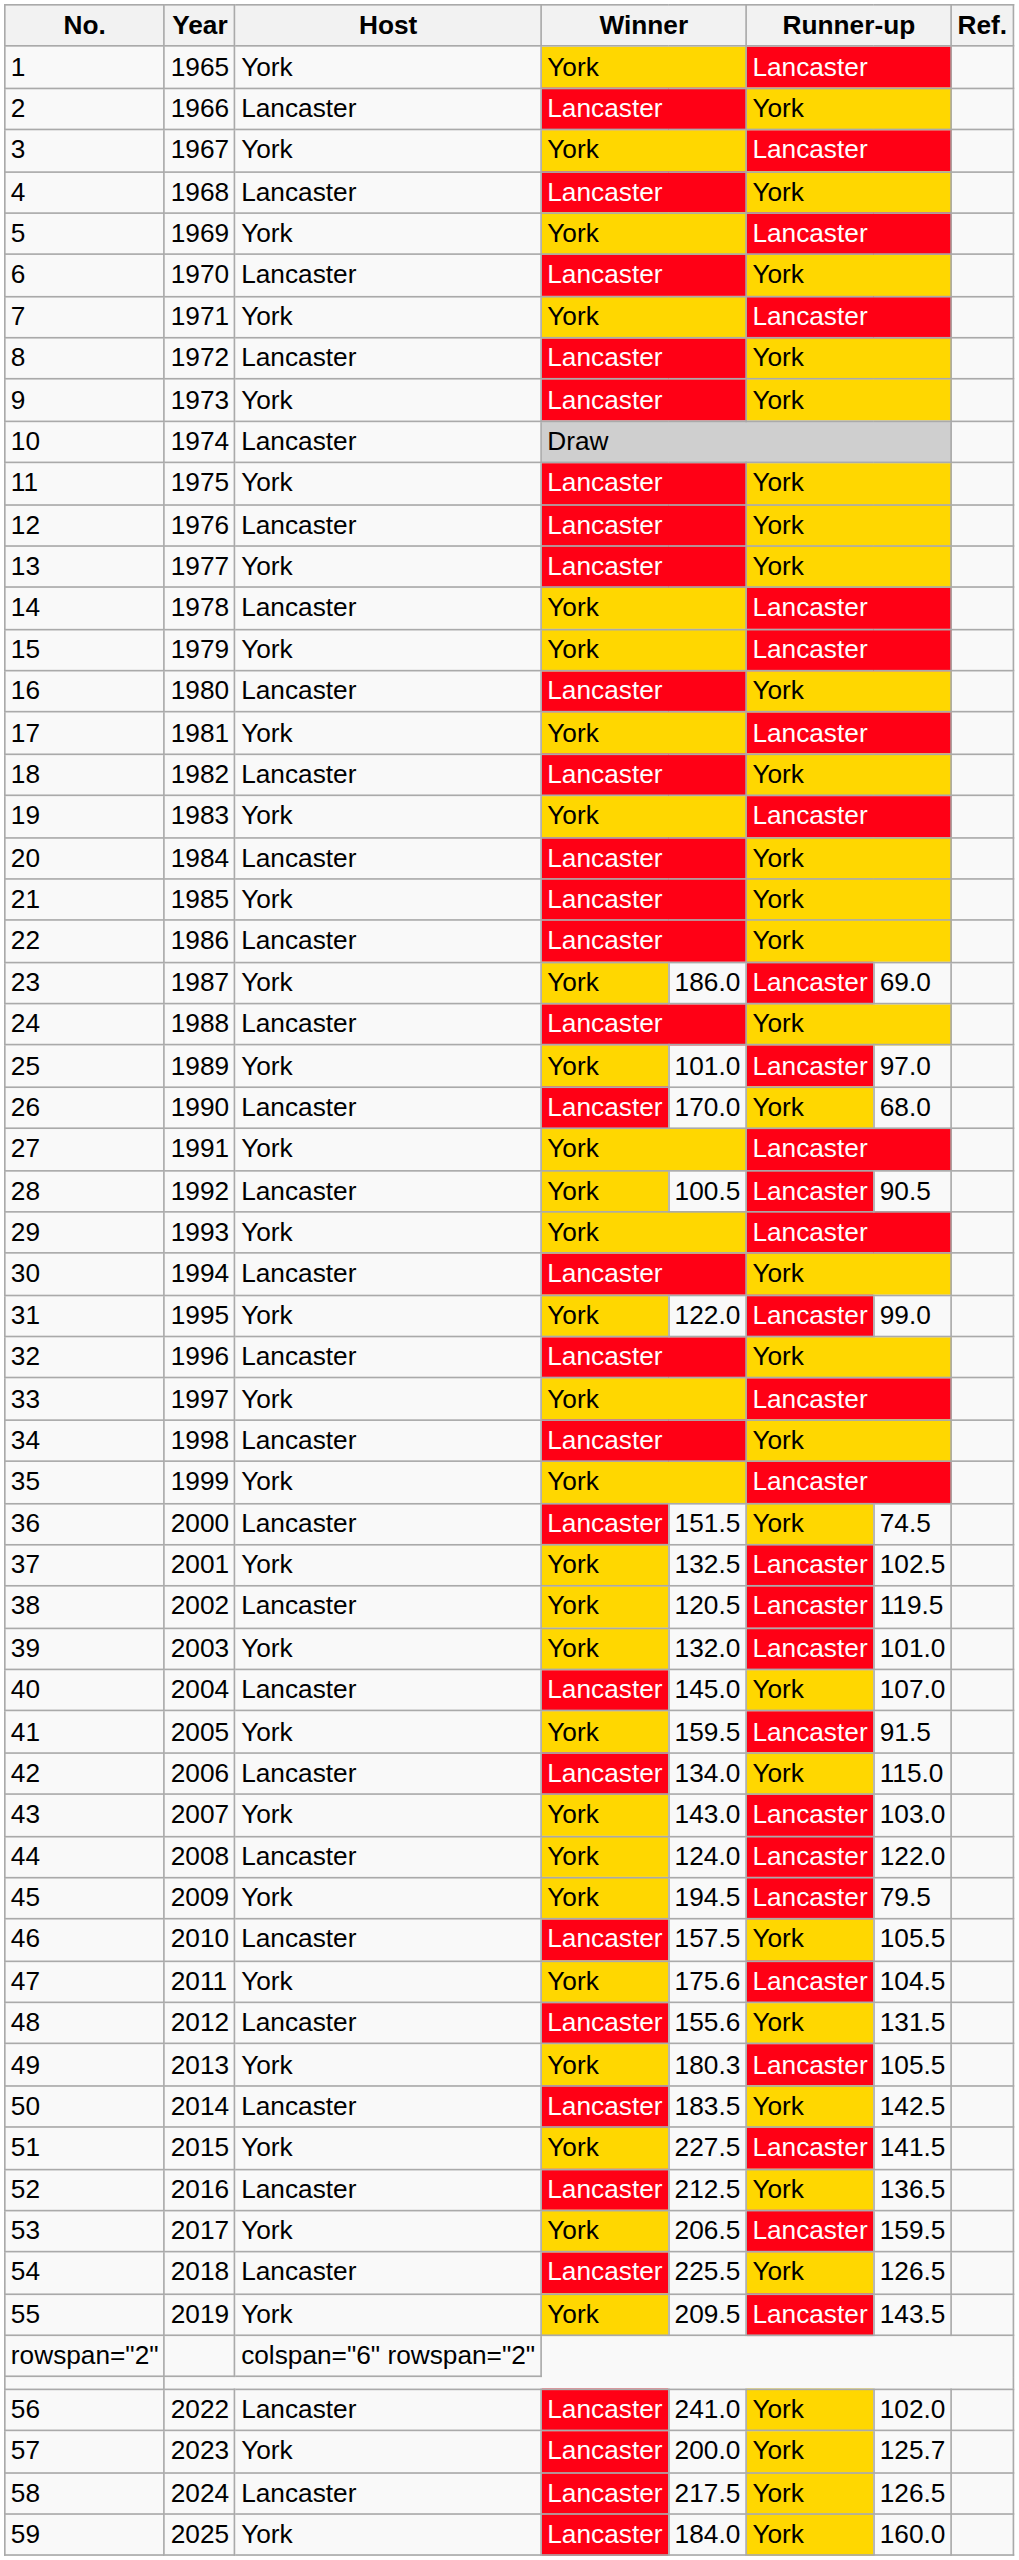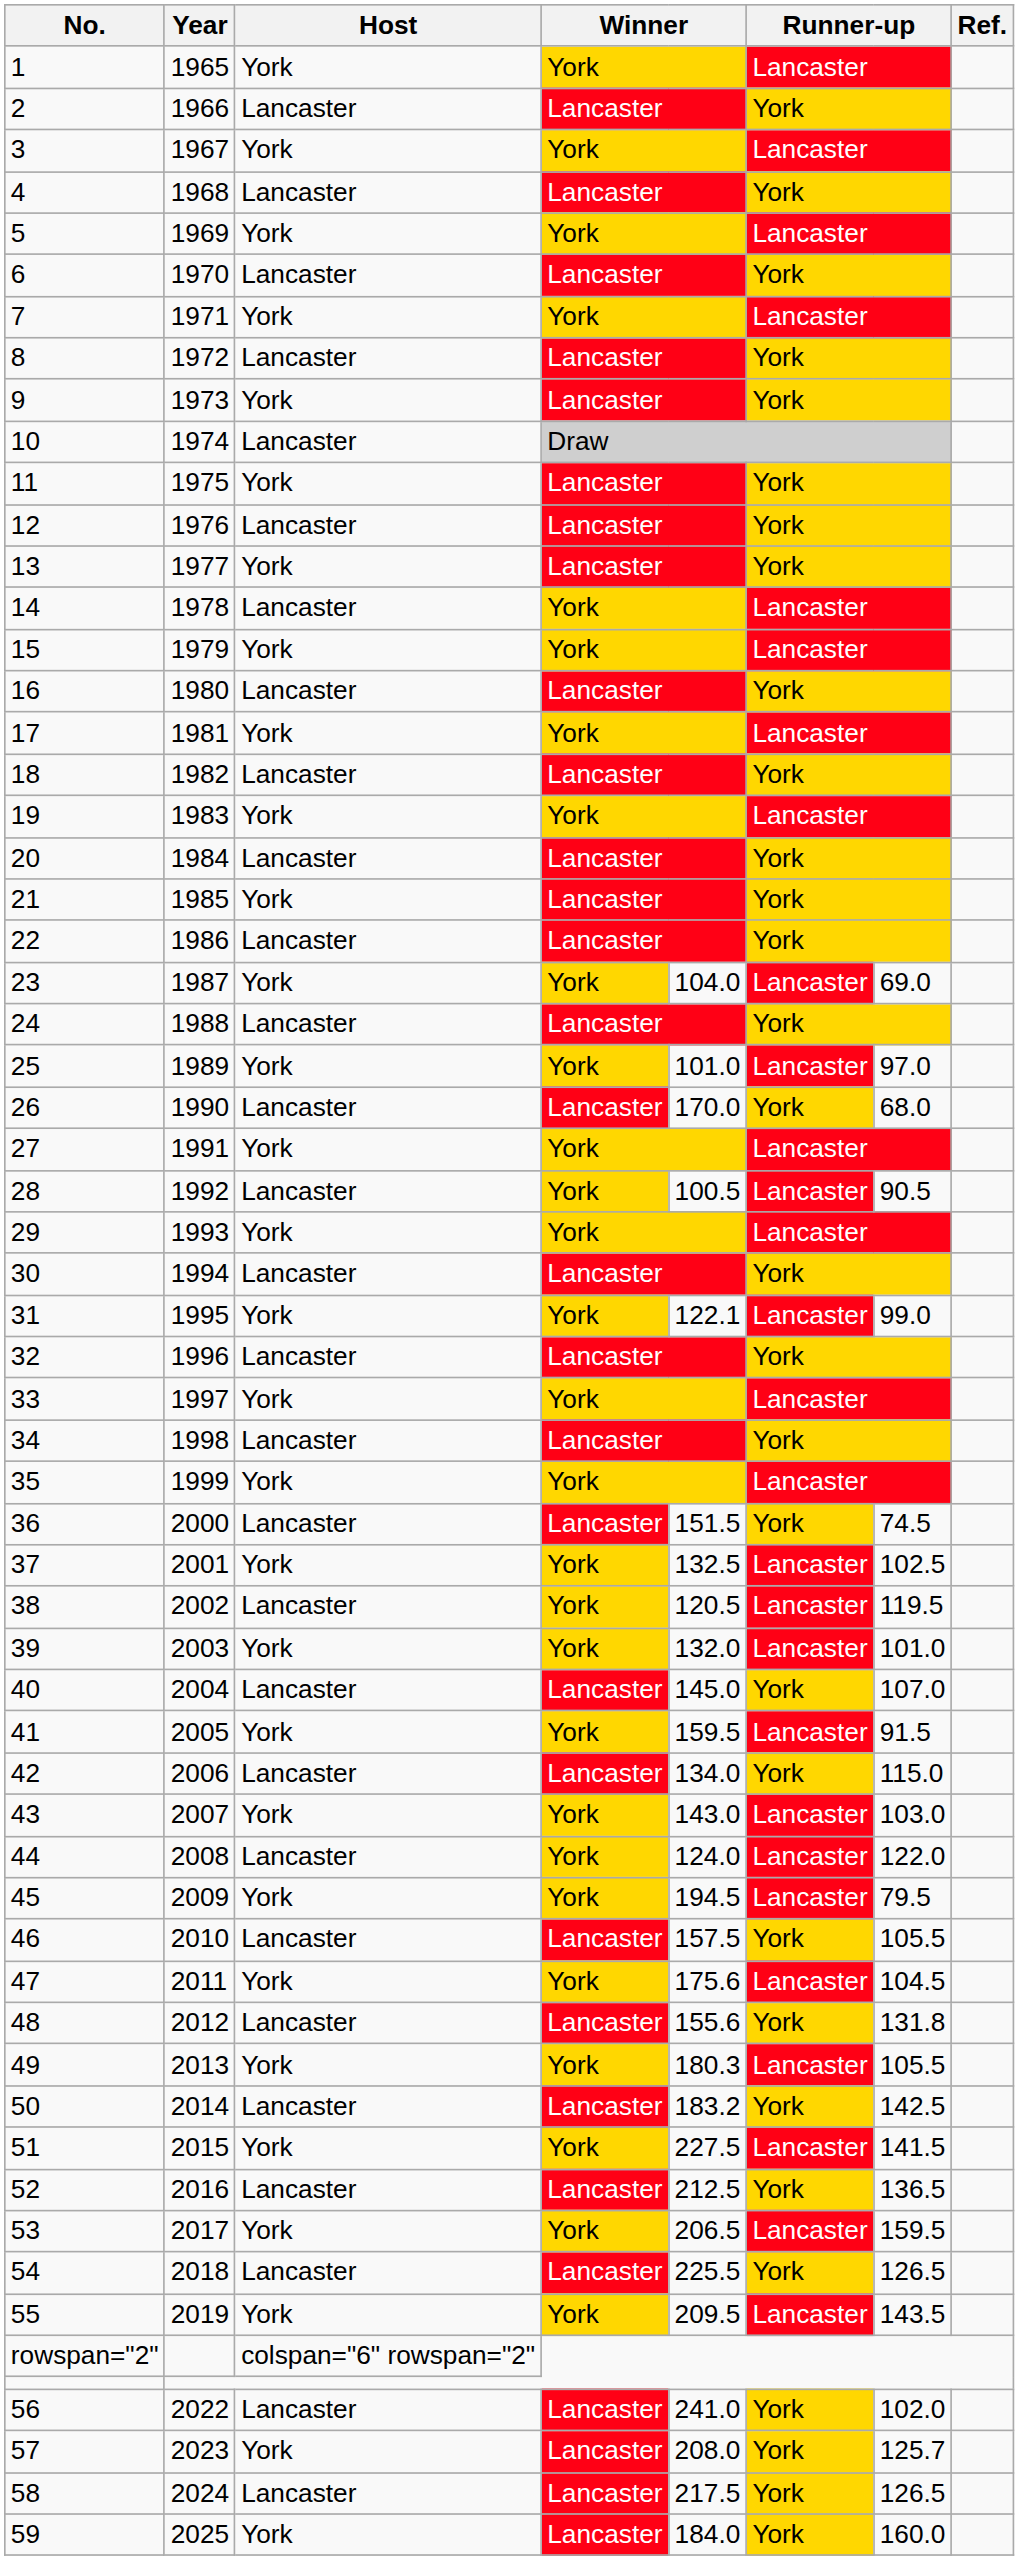 <table class = wikitable>
 <tr>
 <th>No.</th>
 <th>Year</th>
 <th>Host</th>
 <th colspan=2>Winner</th>
 <th colspan=2>Runner-up</th>
 <th>Ref.</th>
 </tr>
 <tr>
 <td>1</td>
 <td>1965</td>
 <td>York</td>
 <td style="background: #FFD700; color: #000000;" colspan=2>York</td>
 <td style="background: #FF0015; color: #FFFFFF;;"colspan=2>Lancaster</td>
 <td></td>
 </tr>
 <tr>
 <td>2</td>
 <td>1966</td>
 <td>Lancaster</td>
 <td style="background: #FF0015; color: #FFFFFF;"colspan=2>Lancaster</td>
 <td style="background: #FFD700; color: #000000;" colspan=2>York</td>
 <td></td>
 </tr>
 <tr>
 <td>3</td>
 <td>1967</td>
 <td>York</td>
 <td style="background: #FFD700; color: #000000;"colspan=2>York</td>
 <td style="background: #FF0015; color: #FFFFFF;;"colspan=2>Lancaster</td>
 <td></td>
 </tr>
 <tr>
 <td>4</td>
 <td>1968</td>
 <td>Lancaster</td>
 <td style="background: #FF0015; color: #FFFFFF;"colspan=2>Lancaster</td>
 <td style="background: #FFD700; color: #000000;" colspan=2>York</td>
 <td></td>
 </tr>
 <tr>
 <td>5</td>
 <td>1969</td>
 <td>York</td>
 <td style="background: #FFD700; color: #000000;"colspan=2>York</td>
 <td style="background: #FF0015; color: #FFFFFF;;"colspan=2>Lancaster</td>
 <td></td>
 </tr>
 <tr>
 <td>6</td>
 <td>1970</td>
 <td>Lancaster</td>
 <td style="background: #FF0015; color: #FFFFFF;"colspan=2>Lancaster</td>
 <td style="background: #FFD700; color: #000000;" colspan=2>York</td>
 <td></td>
 </tr>
 <tr>
 <td>7</td>
 <td>1971</td>
 <td>York</td>
 <td style="background: #FFD700; color: #000000;"colspan=2>York</td>
 <td style="background: #FF0015; color: #FFFFFF;;"colspan=2>Lancaster</td>
 <td></td>
 </tr>
 <tr>
 <td>8</td>
 <td>1972</td>
 <td>Lancaster</td>
 <td style="background: #FF0015; color: #FFFFFF;"colspan=2>Lancaster</td>
 <td style="background: #FFD700; color: #000000;" colspan=2>York</td>
 <td></td>
 </tr>
 <tr>
 <td>9</td>
 <td>1973</td>
 <td>York</td>
 <td style="background: #FF0015; color: #FFFFFF;"colspan=2>Lancaster</td>
 <td style="background: #FFD700; color: #000000;" colspan=2>York</td>
 <td></td>
 </tr>
 <tr>
 <td>10</td>
 <td>1974</td>
 <td>Lancaster</td>
 <td style="background: #cfcfcf; color: #000000;" colspan=4>Draw</td>
 <td></td>
 </tr>
 <tr>
 <td>11</td>
 <td>1975</td>
 <td>York</td>
 <td style="background: #FF0015; color: #FFFFFF;"colspan=2>Lancaster</td>
 <td style="background: #FFD700; color: #000000;" colspan=2>York</td>
 <td></td>
 </tr>
 <tr>
 <td>12</td>
 <td>1976</td>
 <td>Lancaster</td>
 <td style="background: #FF0015; color: #FFFFFF;"colspan=2>Lancaster</td>
 <td style="background: #FFD700; color: #000000;" colspan=2>York</td>
 <td></td>
 </tr>
 <tr>
 <td>13</td>
 <td>1977</td>
 <td>York</td>
 <td style="background: #FF0015; color: #FFFFFF;"colspan=2>Lancaster</td>
 <td style="background: #FFD700; color: #000000;" colspan=2>York</td>
 <td></td>
 </tr>
 <tr>
 <td>14</td>
 <td>1978</td>
 <td>Lancaster</td>
 <td style="background: #FFD700; color: #000000;"colspan=2>York</td>
 <td style="background: #FF0015; color: #FFFFFF;;"colspan=2>Lancaster</td>
 <td></td>
 </tr>
 <tr>
 <td>15</td>
 <td>1979</td>
 <td>York</td>
 <td style="background: #FFD700; color: #000000;"colspan=2>York</td>
 <td style="background: #FF0015; color: #FFFFFF;;"colspan=2>Lancaster</td>
 <td></td>
 </tr>
 <tr>
 <td>16</td>
 <td>1980</td>
 <td>Lancaster</td>
 <td style="background: #FF0015; color: #FFFFFF;"colspan=2>Lancaster</td>
 <td style="background: #FFD700; color: #000000;" colspan=2>York</td>
 <td></td>
 </tr>
 <tr>
 <td>17</td>
 <td>1981</td>
 <td>York</td>
 <td style="background: #FFD700; color: #000000;"colspan=2>York</td>
 <td style="background: #FF0015; color: #FFFFFF;;"colspan=2>Lancaster</td>
 <td></td>
 </tr>
 <tr>
 <td>18</td>
 <td>1982</td>
 <td>Lancaster</td>
 <td style="background: #FF0015; color: #FFFFFF;"colspan=2>Lancaster</td>
 <td style="background: #FFD700; color: #000000;" colspan=2>York</td>
 <td></td>
 </tr>
 <tr>
 <td>19</td>
 <td>1983</td>
 <td>York</td>
 <td style="background: #FFD700; color: #000000;"colspan=2>York</td>
 <td style="background: #FF0015; color: #FFFFFF;;"colspan=2>Lancaster</td>
 <td></td>
 </tr>
 <tr>
 <td>20</td>
 <td>1984</td>
 <td>Lancaster</td>
 <td style="background: #FF0015; color: #FFFFFF;"colspan=2>Lancaster</td>
 <td style="background: #FFD700; color: #000000;" colspan=2>York</td>
 <td></td>
 </tr>
 <tr>
 <td>21</td>
 <td>1985</td>
 <td>York</td>
 <td style="background: #FF0015; color: #FFFFFF;"colspan=2>Lancaster</td>
 <td style="background: #FFD700; color: #000000;" colspan=2>York</td>
 <td></td>
 </tr>
 <tr>
 <td>22</td>
 <td>1986</td>
 <td>Lancaster</td>
 <td style="background: #FF0015; color: #FFFFFF;"colspan=2>Lancaster</td>
 <td style="background: #FFD700; color: #000000;" colspan=2>York</td>
 <td></td>
 </tr>
 <tr>
 <td>23</td>
 <td>1987</td>
 <td>York</td>
 <td style="background: #FFD700; color: #000000;">York</td>
-<td>186.0</td>
+<td>104.0</td>
 <td style="background: #FF0015; color: #FFFFFF;;">Lancaster</td>
 <td>69.0</td>
 <td></td>
 </tr>
 <tr>
 <td>24</td>
 <td>1988</td>
 <td>Lancaster</td>
 <td style="background: #FF0015; color: #FFFFFF;"colspan=2>Lancaster</td>
 <td style="background: #FFD700; color: #000000;" colspan=2>York</td>
 <td></td>
 </tr>
 <tr>
 <td>25</td>
 <td>1989</td>
 <td>York</td>
 <td style="background: #FFD700; color: #000000;">York</td>
 <td>101.0</td>
 <td style="background: #FF0015; color: #FFFFFF;;">Lancaster</td>
 <td>97.0</td>
 <td></td>
 </tr>
 <tr>
 <td>26</td>
 <td>1990</td>
 <td>Lancaster</td>
 <td style="background: #FF0015; color: #FFFFFF;">Lancaster</td>
 <td>170.0</td>
 <td style="background: #FFD700; color: #000000;">York</td>
 <td>68.0</td>
 <td></td>
 </tr>
 <tr>
 <td>27</td>
 <td>1991</td>
 <td>York</td>
 <td style="background: #FFD700; color: #000000;"colspan=2>York</td>
 <td style="background: #FF0015; color: #FFFFFF;;"colspan=2>Lancaster</td>
 <td></td>
 </tr>
 <tr>
 <td>28</td>
 <td>1992</td>
 <td>Lancaster</td>
 <td style="background: #FFD700; color: #000000;">York</td>
 <td>100.5</td>
 <td style="background: #FF0015; color: #FFFFFF;;">Lancaster</td>
 <td>90.5</td>
 <td></td>
 </tr>
 <tr>
 <td>29</td>
 <td>1993</td>
 <td>York</td>
 <td style="background: #FFD700; color: #000000;"colspan=2>York</td>
 <td style="background: #FF0015; color: #FFFFFF;;"colspan=2>Lancaster</td>
 <td></td>
 </tr>
 <tr>
 <td>30</td>
 <td>1994</td>
 <td>Lancaster</td>
 <td style="background: #FF0015; color: #FFFFFF;"colspan=2>Lancaster</td>
 <td style="background: #FFD700; color: #000000;" colspan=2>York</td>
 <td></td>
 </tr>
 <tr>
 <td>31</td>
 <td>1995</td>
 <td>York</td>
 <td style="background: #FFD700; color: #000000;">York</td>
-<td>122.0</td>
+<td>122.1</td>
 <td style="background: #FF0015; color: #FFFFFF;;">Lancaster</td>
 <td>99.0</td>
 <td></td>
 </tr>
 <tr>
 <td>32</td>
 <td>1996</td>
 <td>Lancaster</td>
 <td style="background: #FF0015; color: #FFFFFF;"colspan=2>Lancaster</td>
 <td style="background: #FFD700; color: #000000;" colspan=2>York</td>
 <td></td>
 </tr>
 <tr>
 <td>33</td>
 <td>1997</td>
 <td>York</td>
 <td style="background: #FFD700; color: #000000;"colspan=2>York</td>
 <td style="background: #FF0015; color: #FFFFFF;;"colspan=2>Lancaster</td>
 <td></td>
 </tr>
 <tr>
 <td>34</td>
 <td>1998</td>
 <td>Lancaster</td>
 <td style="background: #FF0015; color: #FFFFFF;;"colspan=2>Lancaster</td>
 <td style="background: #FFD700; color: #000000;" colspan=2>York</td>
 <td></td>
 </tr>
 <tr>
 <td>35</td>
 <td>1999</td>
 <td>York</td>
 <td style="background: #FFD700; color: #000000;"colspan=2>York</td>
 <td style="background: #FF0015; color: #FFFFFF;;"colspan=2>Lancaster</td>
 <td></td>
 </tr>
 <tr>
 <td>36</td>
 <td>2000</td>
 <td>Lancaster</td>
 <td style="background: #FF0015; color: #FFFFFF;">Lancaster</td>
 <td>151.5</td>
 <td style="background: #FFD700; color: #000000;">York</td>
 <td>74.5</td>
 <td></td>
 </tr>
 <tr>
 <td>37</td>
 <td>2001</td>
 <td>York</td>
 <td style="background: #FFD700; color: #000000;">York</td>
 <td>132.5</td>
 <td style="background: #FF0015; color: #FFFFFF;">Lancaster</td>
 <td>102.5</td>
 <td></td>
 </tr>
 <tr>
 <td>38</td>
 <td>2002</td>
 <td>Lancaster</td>
 <td style="background: #FFD700; color: #000000;">York</td>
 <td>120.5</td>
 <td style="background: #FF0015; color: #FFFFFF;">Lancaster</td>
 <td>119.5</td>
 <td></td>
 </tr>
 <tr>
 <td>39</td>
 <td>2003</td>
 <td>York</td>
 <td style="background: #FFD700; color: #000000;">York</td>
 <td>132.0</td>
 <td style="background: #FF0015; color: #FFFFFF;">Lancaster</td>
 <td>101.0</td>
 <td></td>
 </tr>
 <tr>
 <td>40</td>
 <td>2004</td>
 <td>Lancaster</td>
 <td style="background: #FF0015; color: #FFFFFF;">Lancaster</td>
 <td>145.0</td>
 <td style="background: #FFD700; color: #000000;">York</td>
 <td>107.0</td>
 <td></td>
 </tr>
 <tr>
 <td>41</td>
 <td>2005</td>
 <td>York</td>
 <td style="background: #FFD700; color: #000000;">York</td>
 <td>159.5</td>
 <td style="background: #FF0015; color: #FFFFFF;">Lancaster</td>
 <td>91.5</td>
 <td></td>
 </tr>
 <tr>
 <td>42</td>
 <td>2006</td>
 <td>Lancaster</td>
 <td style="background: #FF0015; color: #FFFFFF;">Lancaster</td>
 <td>134.0</td>
 <td style="background: #FFD700; color: #000000;">York</td>
 <td>115.0</td>
 <td></td>
 </tr>
 <tr>
 <td>43</td>
 <td>2007</td>
 <td>York</td>
 <td style="background: #FFD700; color: #000000;">York</td>
 <td>143.0</td>
 <td style="background: #FF0015; color: #FFFFFF;">Lancaster</td>
 <td>103.0</td>
 <td></td>
 </tr>
 <tr>
 <td>44</td>
 <td>2008</td>
 <td>Lancaster</td>
 <td style="background: #FFD700; color: #000000;">York</td>
 <td>124.0</td>
 <td style="background: #FF0015; color: #FFFFFF;">Lancaster</td>
 <td>122.0</td>
 <td></td>
 </tr>
 <tr>
 <td>45</td>
 <td>2009</td>
 <td>York</td>
 <td style="background: #FFD700; color: #000000;">York</td>
 <td>194.5</td>
 <td style="background: #FF0015; color: #FFFFFF;">Lancaster</td>
 <td>79.5</td>
 <td></td>
 </tr>
 <tr>
 <td>46</td>
 <td>2010</td>
 <td>Lancaster</td>
 <td style="background: #FF0015; color: #FFFFFF;">Lancaster</td>
 <td>157.5</td>
 <td style="background: #FFD700; color: #000000;">York</td>
 <td>105.5</td>
 <td></td>
 </tr>
 <tr>
 <td>47</td>
 <td>2011</td>
 <td>York</td>
 <td style="background: #FFD700; color: #000000;">York</td>
 <td>175.6</td>
 <td style="background: #FF0015; color: #FFFFFF;">Lancaster</td>
 <td>104.5</td>
 <td></td>
 </tr>
 <tr>
 <td>48</td>
 <td>2012</td>
 <td>Lancaster</td>
 <td style="background: #FF0015; color: #FFFFFF;">Lancaster</td>
 <td>155.6</td>
 <td style="background: #FFD700; color: #000000;">York</td>
-<td>131.5</td>
+<td>131.8</td>
 <td></td>
 </tr>
 <tr>
 <td>49</td>
 <td>2013</td>
 <td>York</td>
 <td style="background: #FFD700; color: #000000;">York</td>
 <td>180.3</td>
 <td style="background: #FF0015; color: #FFFFFF;">Lancaster</td>
 <td>105.5</td>
 <td></td>
 </tr>
 <tr>
 <td>50</td>
 <td>2014</td>
 <td>Lancaster</td>
 <td style="background: #FF0015; color: #FFFFFF;">Lancaster</td>
-<td>183.5</td>
+<td>183.2</td>
 <td style="background: #FFD700; color: #000000;">York</td>
 <td>142.5</td>
 <td></td>
 </tr>
 <tr>
 <td>51</td>
 <td>2015</td>
 <td>York</td>
 <td style="background: #FFD700; color: #000000;">York</td>
 <td>227.5</td>
 <td style="background: #FF0015; color: #FFFFFF;">Lancaster</td>
 <td>141.5</td>
 <td></td>
 </tr>
 <tr>
 <td>52</td>
 <td>2016</td>
 <td>Lancaster</td>
 <td style="background: #FF0015; color: #FFFFFF;">Lancaster</td>
 <td>212.5</td>
 <td style="background: #FFD700; color: #000000;">York</td>
 <td>136.5</td>
 <td></td>
 </tr>
 <tr>
 <td>53</td>
 <td>2017</td>
 <td>York</td>
 <td style="background: #FFD700; color: #000000;">York</td>
 <td>206.5</td>
 <td style="background: #FF0015; color: #FFFFFF;">Lancaster</td>
 <td>159.5</td>
 <td></td>
 </tr>
 <tr>
 <td>54</td>
 <td>2018</td>
 <td>Lancaster</td>
 <td style="background: #FF0015; color: #FFFFFF;">Lancaster</td>
 <td>225.5</td>
 <td style="background: #FFD700; color: #000000;">York</td>
 <td>126.5</td>
 <td></td>
 </tr>
 <tr>
 <td>55</td>
 <td>2019</td>
 <td>York</td>
 <td style="background: #FFD700; color: #000000;">York</td>
 <td>209.5</td>
 <td style="background: #FF0015; color: #FFFFFF;">Lancaster</td>
 <td>143.5</td>
 <td></td>
 </tr>
 <tr>
 <td>rowspan="2" </td>
 <td></td>
 <td>colspan="6" rowspan="2" </td>
 </tr>
 <tr>
 <td></td>
 </tr>
 <tr>
 <td>56</td>
 <td>2022</td>
 <td>Lancaster</td>
 <td style="background: #FF0015; color: #FFFFFF;">Lancaster</td>
 <td>241.0</td>
 <td style="background: #FFD700; color: #000000;">York</td>
 <td>102.0</td>
 <td></td>
 </tr>
 <tr>
 <td>57</td>
 <td>2023</td>
 <td>York</td>
 <td style="background: #FF0015; color: #FFFFFF;">Lancaster</td>
-<td>200.0</td>
+<td>208.0</td>
 <td style="background: #FFD700; color: #000000;">York</td>
 <td>125.7</td>
 <td></td>
 </tr>
 <tr>
 <td>58</td>
 <td>2024</td>
 <td>Lancaster</td>
 <td style="background: #FF0015; color: #FFFFFF;;">Lancaster</td>
 <td>217.5</td>
 <td style=" background: #FFD700; color: #000000;">York</td>
 <td>126.5</td>
 <td></td>
 </tr>
 <tr>
 <td>59</td>
 <td>2025</td>
 <td>York</td>
 <td style="background: #FF0015; color: #FFFFFF;;">Lancaster</td>
 <td>184.0</td>
 <td style=" background: #FFD700; color: #000000;">York</td>
 <td>160.0</td>
 <td></td>
 </tr>
 </table>
